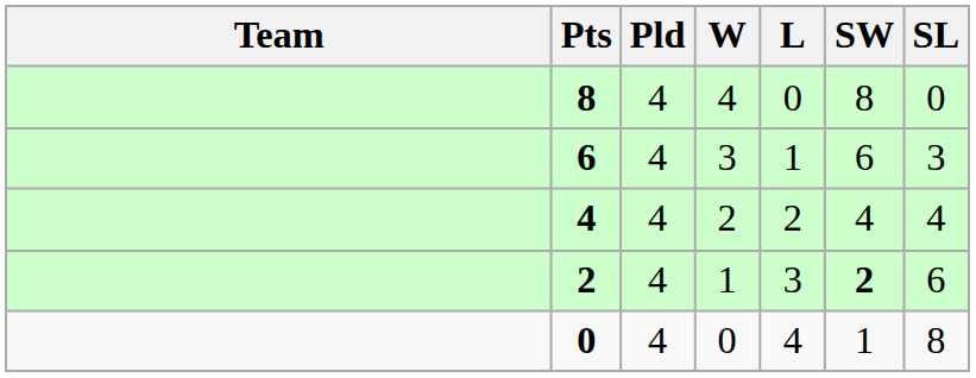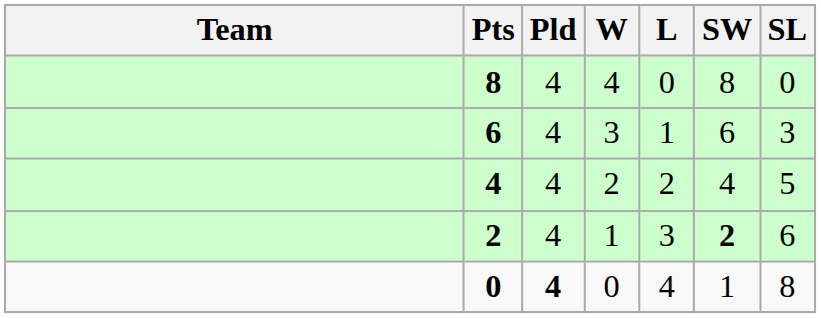 <table class=wikitable style="text-align:center">
 <tr>
 <th width=220>Team</th>
 <th width=20>Pts</th>
 <th width=20>Pld</th>
 <th width=20>W</th>
 <th width=20>L</th>
 <th width=20>SW</th>
 <th width=20>SL</th>
 </tr>
 <tr bgcolor=#ccffcc>
 <td align=left></td>
 <td><strong>8</strong></td>
 <td>4</td>
 <td>4</td>
 <td>0</td>
 <td>8</td>
 <td>0</td>
 </tr>
 <tr bgcolor=#ccffcc>
 <td align=left></td>
 <td><strong>6</strong></td>
 <td>4</td>
 <td>3</td>
 <td>1</td>
 <td>6</td>
 <td>3</td>
 </tr>
 <tr bgcolor=#ccffcc>
 <td align=left></td>
 <td><strong>4</strong></td>
 <td>4</td>
 <td>2</td>
 <td>2</td>
 <td>4</td>
-<td>4</td>
+<td>5</td>
 </tr>
 <tr bgcolor=#ccffcc>
 <td align=left></td>
 <td><strong>2</strong></td>
 <td>4</td>
 <td>1</td>
 <td>3</td>
 <td><strong>2</strong></td>
 <td>6</td>
 </tr>
 <tr bgcolor=>
 <td align=left></td>
 <td><strong>0</strong></td>
-<td>4</td>
+<td><strong>4</strong></td>
 <td>0</td>
 <td>4</td>
 <td>1</td>
 <td>8</td>
 </tr>
 <tr>
 </tr>
 </table>
